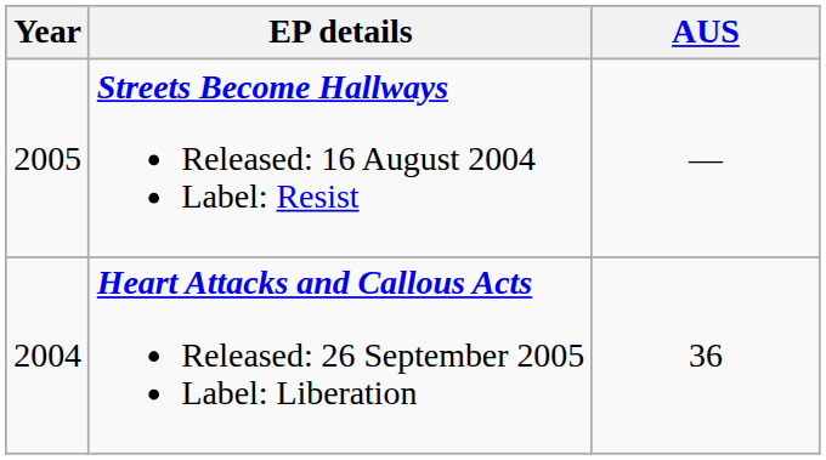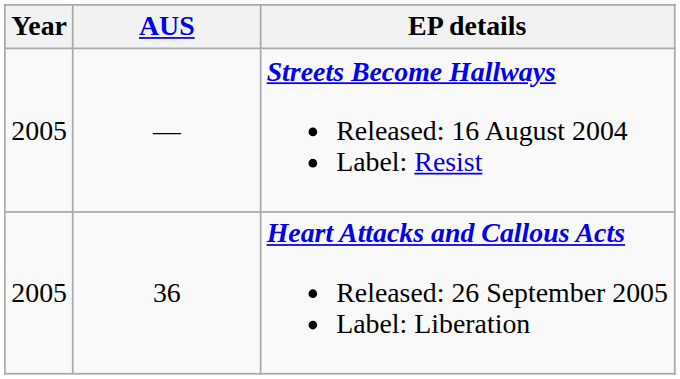 <table class="wikitable">
 <tr>
 <th>Year</th>
+<th style="width:100px;"><a href='#'>AUS</a><br></th>
 <th>EP details</th>
-<th style="width:100px;"><a href='#'>AUS</a><br></th>
 </tr>
 <tr>
 <td>2005</td>
+<td style="text-align:center;">—</td>
 <td><strong><em><a href='#'>Streets Become Hallways</a></em></strong><br><ul><li>Released: 16 August 2004</li><li>Label: <a href='#'>Resist</a></li></ul></td>
-<td style="text-align:center;">—</td>
 </tr>
 <tr>
-<td>2004</td>
+<td>2005</td>
+<td style="text-align:center;">36</td>
 <td><strong><em><a href='#'>Heart Attacks and Callous Acts</a></em></strong><br><ul><li>Released: 26 September 2005</li><li>Label: Liberation</li></ul></td>
-<td style="text-align:center;">36</td>
 </tr>
 </table>
